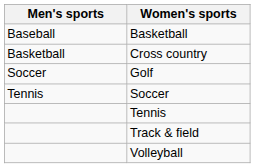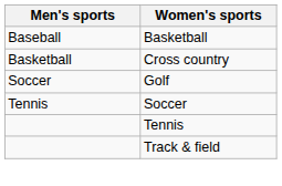 <table class="wikitable"; style= "text-align: ">
 <tr>
 <th width=150px>Men's sports</th>
 <th width=150px>Women's sports</th>
 </tr>
 <tr>
 <td>Baseball</td>
 <td>Basketball</td>
 </tr>
 <tr>
 <td>Basketball</td>
 <td>Cross country</td>
 </tr>
 <tr>
 <td>Soccer</td>
 <td>Golf</td>
 </tr>
 <tr>
 <td>Tennis</td>
 <td>Soccer</td>
 </tr>
 <tr>
 <td></td>
 <td>Tennis</td>
 </tr>
 <tr>
 <td></td>
 <td>Track & field</td>
 </tr>
-<tr>
-<td></td>
-<td>Volleyball</td>
-</tr>
 </table>
